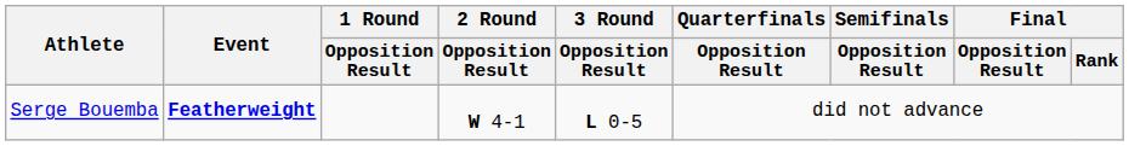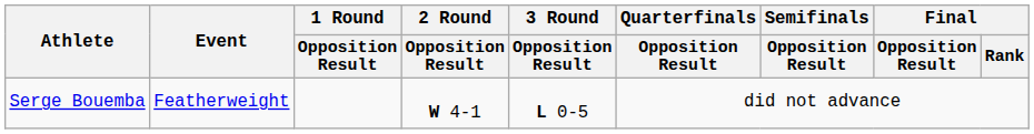 <table class="wikitable" style="font-size:90%">
 <tr>
 <th rowspan="2">Athlete</th>
 <th rowspan="2">Event</th>
 <th>1 Round</th>
 <th>2 Round</th>
 <th>3 Round</th>
 <th>Quarterfinals</th>
 <th>Semifinals</th>
 <th colspan=2>Final</th>
 </tr>
 <tr style="font-size:95%">
 <th>Opposition<br>Result</th>
 <th>Opposition<br>Result</th>
 <th>Opposition<br>Result</th>
 <th>Opposition<br>Result</th>
 <th>Opposition<br>Result</th>
 <th>Opposition<br>Result</th>
 <th>Rank</th>
 </tr>
 <tr align=center>
 <td align=left><a href='#'>Serge Bouemba</a></td>
-<td align=left><strong><a href='#'>Featherweight</a></strong></td>
+<td align=left><a href='#'>Featherweight</a></td>
 <td></td>
 <td><br><strong>W</strong> 4-1</td>
 <td><br><strong>L</strong> 0-5</td>
 <td colspan=5>did not advance</td>
 </tr>
 </table>
